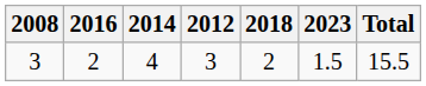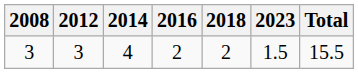 <table class="wikitable" style="text-align:center">
 <tr>
 <th>2008</th>
+<th>2012</th>
+<th>2014</th>
 <th>2016</th>
-<th>2014</th>
-<th>2012</th>
 <th>2018</th>
 <th>2023</th>
 <th>Total</th>
 </tr>
 <tr>
 <td>3</td>
+<td>3</td>
+<td>4</td>
 <td>2</td>
-<td>4</td>
-<td>3</td>
 <td>2</td>
 <td>1.5</td>
 <td>15.5</td>
 </tr>
 </table>
